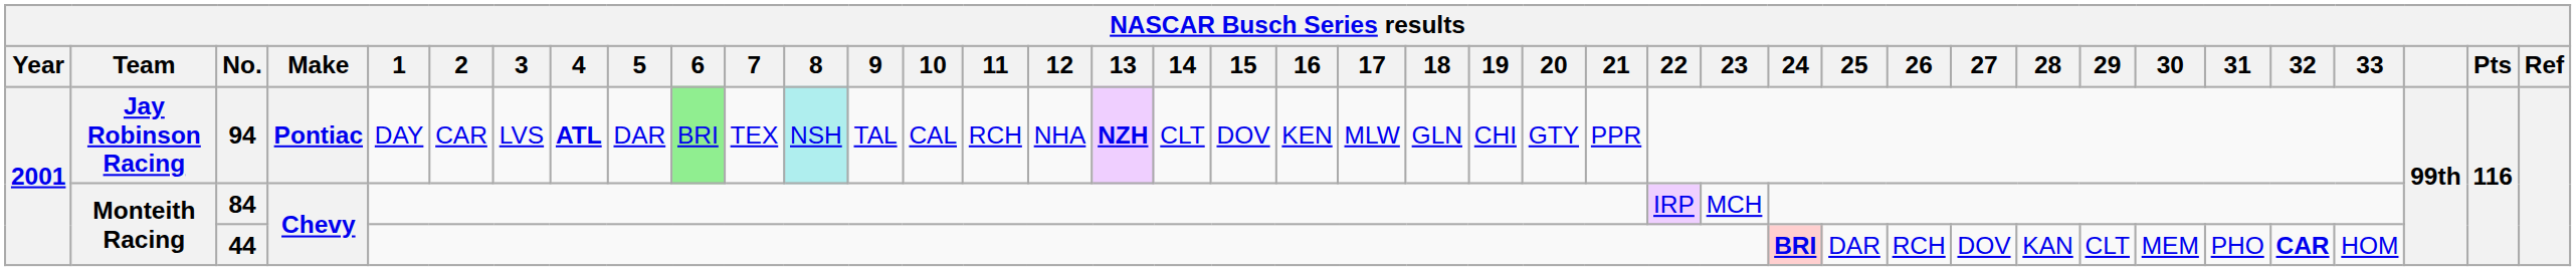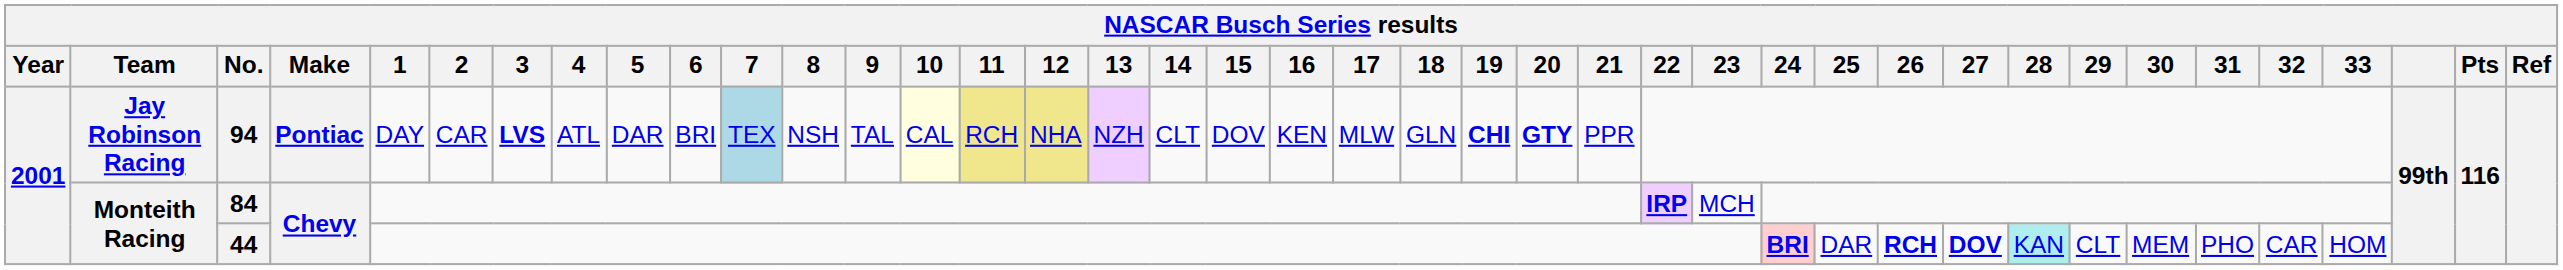 <table class="wikitable" style="text-align:center; font-size:75%">
 <tr>
 <th colspan=42><a href='#'>NASCAR Busch Series</a> results</th>
 </tr>
 <tr>
 <th>Year</th>
 <th>Team</th>
 <th>No.</th>
 <th>Make</th>
 <th>1</th>
 <th>2</th>
 <th>3</th>
 <th>4</th>
 <th>5</th>
 <th>6</th>
 <th>7</th>
 <th>8</th>
 <th>9</th>
 <th>10</th>
 <th>11</th>
 <th>12</th>
 <th>13</th>
 <th>14</th>
 <th>15</th>
 <th>16</th>
 <th>17</th>
 <th>18</th>
 <th>19</th>
 <th>20</th>
 <th>21</th>
 <th>22</th>
 <th>23</th>
 <th>24</th>
 <th>25</th>
 <th>26</th>
 <th>27</th>
 <th>28</th>
 <th>29</th>
 <th>30</th>
 <th>31</th>
 <th>32</th>
 <th>33</th>
 <th></th>
 <th>Pts</th>
 <th>Ref</th>
 </tr>
 <tr>
 <th rowspan=3><a href='#'>2001</a></th>
 <th><a href='#'>Jay Robinson Racing</a></th>
 <th>94</th>
 <th><a href='#'>Pontiac</a></th>
 <td><a href='#'>DAY</a></td>
 <td><a href='#'>CAR</a></td>
-<td><a href='#'>LVS</a></td>
-<td><strong><a href='#'>ATL</a></strong></td>
+<td><strong><a href='#'>LVS</a></strong></td>
+<td><a href='#'>ATL</a></td>
 <td><a href='#'>DAR</a></td>
-<td style="background: lightgreen;"><a href='#'>BRI</a></td>
-<td><a href='#'>TEX</a></td>
-<td style="background: paleturquoise;"><a href='#'>NSH</a></td>
+<td><a href='#'>BRI</a></td>
+<td style="background: lightblue;"><a href='#'>TEX</a></td>
+<td><a href='#'>NSH</a></td>
 <td><a href='#'>TAL</a></td>
-<td><a href='#'>CAL</a></td>
-<td><a href='#'>RCH</a></td>
-<td><a href='#'>NHA</a></td>
-<td style="background:#EFCFFF;"><strong><a href='#'>NZH</a><br></strong></td>
+<td style="background: lightyellow;"><a href='#'>CAL</a></td>
+<td style="background: khaki;"><a href='#'>RCH</a></td>
+<td style="background: khaki;"><a href='#'>NHA</a></td>
+<td style="background:#EFCFFF;"><a href='#'>NZH</a><br></td>
 <td><a href='#'>CLT</a></td>
 <td><a href='#'>DOV</a></td>
 <td><a href='#'>KEN</a></td>
 <td><a href='#'>MLW</a></td>
 <td><a href='#'>GLN</a></td>
-<td><a href='#'>CHI</a></td>
-<td><a href='#'>GTY</a></td>
+<td><strong><a href='#'>CHI</a></strong></td>
+<td><strong><a href='#'>GTY</a></strong></td>
 <td><a href='#'>PPR</a></td>
 <td colspan=12></td>
 <th rowspan=3>99th</th>
 <th rowspan=3>116</th>
 <th rowspan=3></th>
 </tr>
 <tr>
 <th rowspan=2>Monteith Racing</th>
 <th>84</th>
 <th rowspan=2><a href='#'>Chevy</a></th>
 <td colspan=21></td>
-<td style="background:#EFCFFF;"><a href='#'>IRP</a><br></td>
+<td style="background:#EFCFFF;"><strong><a href='#'>IRP</a><br></strong></td>
 <td><a href='#'>MCH</a></td>
 <td colspan=10></td>
 </tr>
 <tr>
 <th>44</th>
 <td colspan=23></td>
 <td style="background:#FFCFCF;"><strong><a href='#'>BRI</a><br></strong></td>
 <td><a href='#'>DAR</a></td>
-<td><a href='#'>RCH</a></td>
-<td><a href='#'>DOV</a></td>
-<td><a href='#'>KAN</a></td>
+<td><strong><a href='#'>RCH</a></strong></td>
+<td><strong><a href='#'>DOV</a></strong></td>
+<td style="background: paleturquoise;"><a href='#'>KAN</a></td>
 <td><a href='#'>CLT</a></td>
 <td><a href='#'>MEM</a></td>
 <td><a href='#'>PHO</a></td>
-<td><strong><a href='#'>CAR</a></strong></td>
+<td><a href='#'>CAR</a></td>
 <td><a href='#'>HOM</a></td>
 </tr>
 </table>
